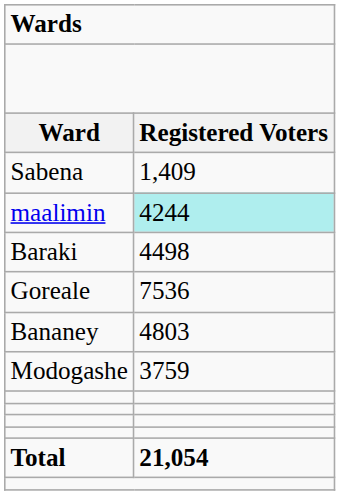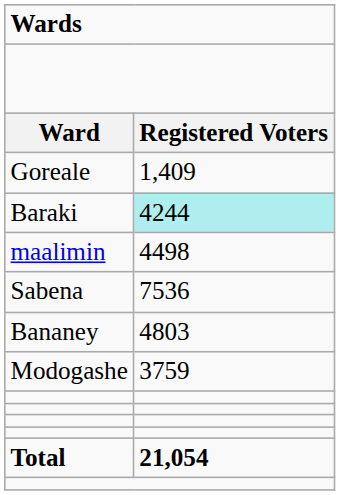 <table class="wikitable">
 <tr>
 <td colspan="2"><strong>Wards</strong></td>
 </tr>
 <tr>
 <td colspan="2"><br><br></td>
 </tr>
 <tr>
 <th>Ward</th>
 <th>Registered Voters</th>
 </tr>
 <tr>
-<td>Sabena</td>
+<td>Goreale</td>
 <td>1,409</td>
 </tr>
 <tr>
-<td><a href='#'>maalimin</a></td>
+<td>Baraki</td>
 <td style="background: paleturquoise;">4244</td>
 </tr>
 <tr>
-<td>Baraki</td>
+<td><a href='#'>maalimin</a></td>
 <td>4498</td>
 </tr>
 <tr>
-<td>Goreale</td>
+<td>Sabena</td>
 <td>7536</td>
 </tr>
 <tr>
 <td>Bananey</td>
 <td>4803</td>
 </tr>
 <tr>
 <td>Modogashe</td>
 <td>3759</td>
 </tr>
 <tr>
 <td></td>
 <td></td>
 </tr>
 <tr>
 <td></td>
 <td></td>
 </tr>
 <tr>
 <td></td>
 <td></td>
 </tr>
 <tr>
 <td></td>
 <td></td>
 </tr>
 <tr>
 <td><strong>Total</strong></td>
 <td><strong>21,054</strong></td>
 </tr>
 <tr>
 <td colspan="2"></td>
 </tr>
 </table>
